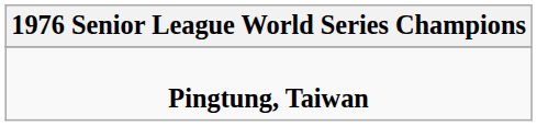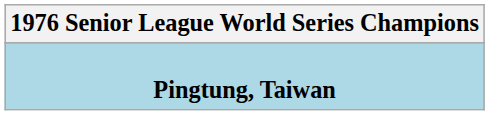 <table class="wikitable" style="text-align: center; margin: 0 auto;">
 <tr>
 <th>1976 Senior League World Series Champions</th>
 </tr>
 <tr>
 </tr>
 <tr>
-<td><br><strong>Pingtung, Taiwan</strong></td>
+<td style="background: lightblue;"><br><strong>Pingtung, Taiwan</strong></td>
 </tr>
 </table>
